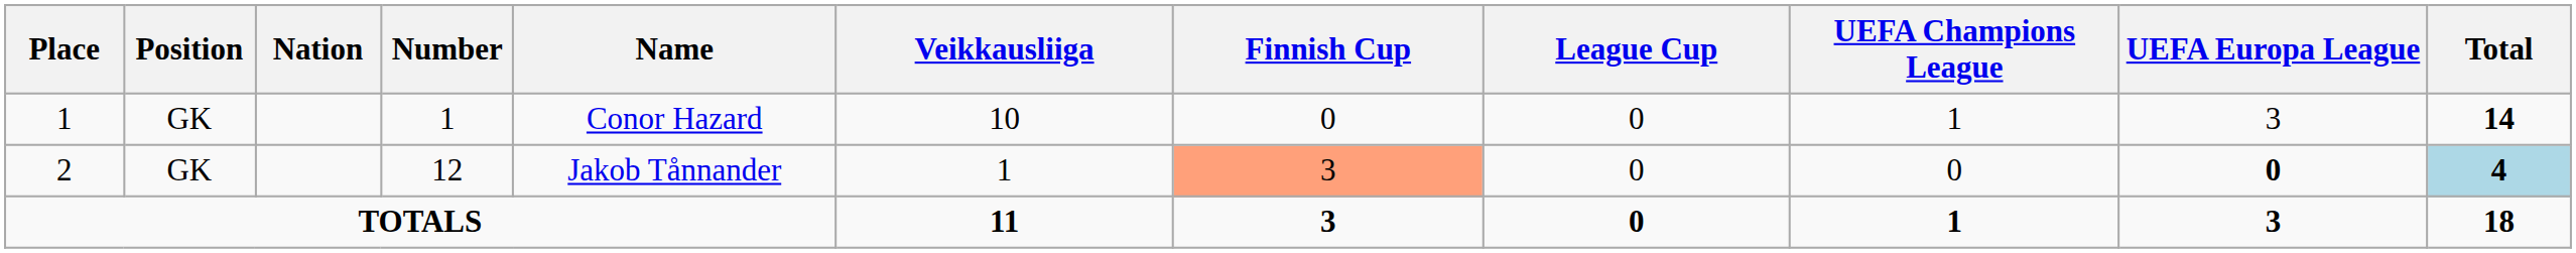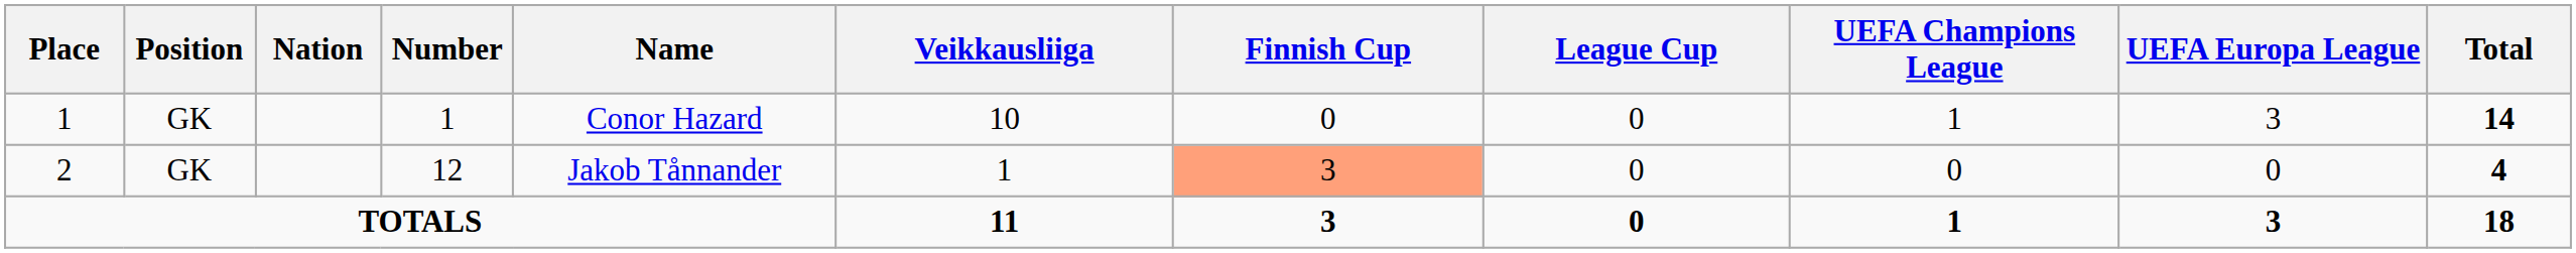 <table class="wikitable" style="font-size: 95%; text-align: center;">
 <tr>
 <th width=60>Place</th>
 <th width=60>Position</th>
 <th width=60>Nation</th>
 <th width=60>Number</th>
 <th width=200>Name</th>
 <th width=200><a href='#'>Veikkausliiga</a></th>
 <th width=200><a href='#'>Finnish Cup</a></th>
 <th width=200><a href='#'>League Cup</a></th>
 <th width=200><a href='#'>UEFA Champions League</a></th>
 <th width=200><a href='#'>UEFA Europa League</a></th>
 <th width=80><strong>Total</strong></th>
 </tr>
 <tr>
 <td>1</td>
 <td>GK</td>
 <td></td>
 <td>1</td>
 <td><a href='#'>Conor Hazard</a></td>
 <td>10</td>
 <td>0</td>
 <td>0</td>
 <td>1</td>
 <td>3</td>
 <td><strong>14</strong></td>
 </tr>
 <tr>
 <td>2</td>
 <td>GK</td>
 <td></td>
 <td>12</td>
 <td><a href='#'>Jakob Tånnander</a></td>
 <td>1</td>
 <td style="background: lightsalmon;">3</td>
 <td>0</td>
 <td>0</td>
-<td><strong>0</strong></td>
-<td style="background: lightblue;"><strong>4</strong></td>
+<td>0</td>
+<td><strong>4</strong></td>
 </tr>
 <tr>
 <td colspan="5"><strong>TOTALS</strong></td>
 <td><strong>11</strong></td>
 <td><strong>3</strong></td>
 <td><strong>0</strong></td>
 <td><strong>1</strong></td>
 <td><strong>3</strong></td>
 <td><strong>18</strong></td>
 </tr>
 </table>
